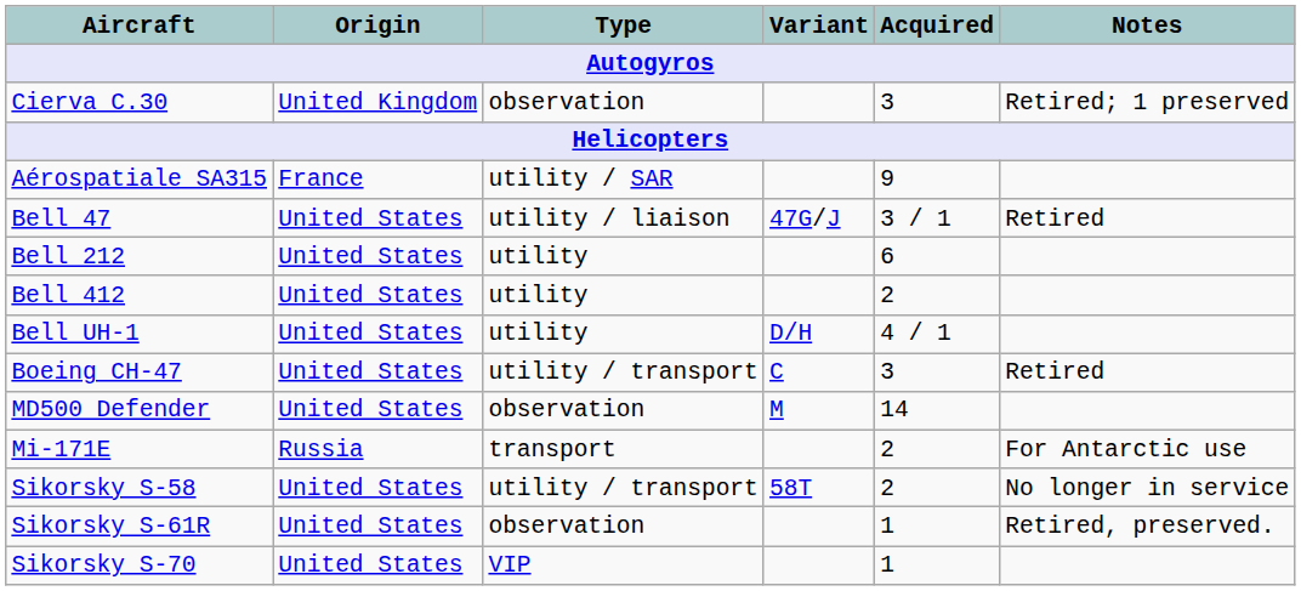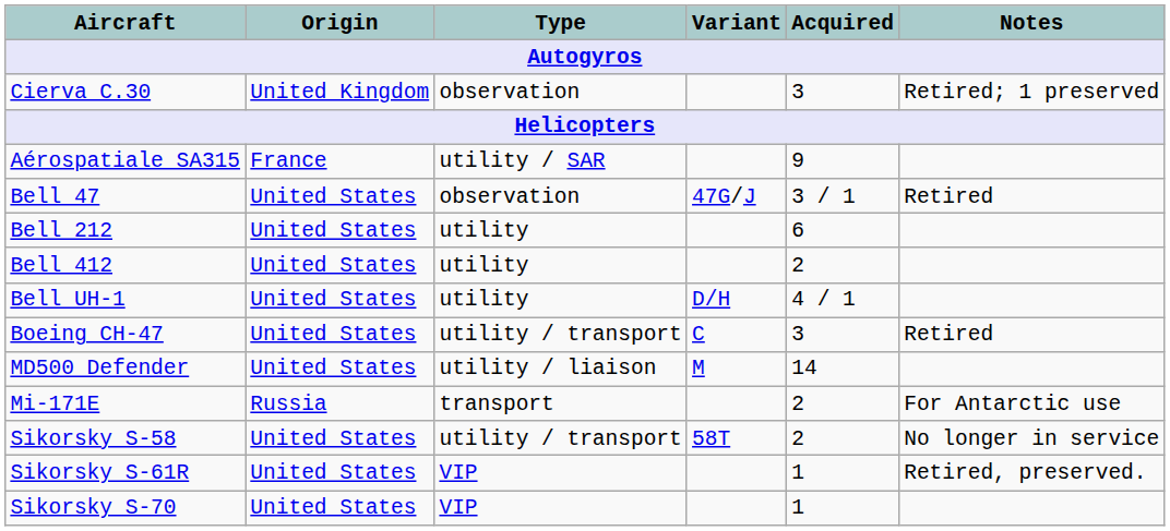 <table class="wikitable">
 <tr>
 <th style="text-align:center; background:#acc;">Aircraft</th>
 <th style="text-align: center; background:#acc;">Origin</th>
 <th style="text-align:l center; background:#acc;">Type</th>
 <th style="text-align:left; background:#acc;">Variant</th>
 <th style="text-align:center; background:#acc;">Acquired</th>
 <th style="text-align: center; background:#acc;">Notes</th>
 </tr>
 <tr>
 <th style="align: center; background: lavender;" colspan="7"><a href='#'>Autogyros</a></th>
 </tr>
 <tr>
 <td><a href='#'>Cierva C.30</a></td>
 <td><a href='#'>United Kingdom</a></td>
 <td>observation</td>
 <td></td>
 <td>3</td>
 <td>Retired; 1 preserved</td>
 </tr>
 <tr>
 <th style="align: center; background: lavender;" colspan="7"><a href='#'>Helicopters</a></th>
 </tr>
 <tr>
 <td><a href='#'>Aérospatiale SA315</a></td>
 <td><a href='#'>France</a></td>
 <td>utility / <a href='#'>SAR</a></td>
 <td></td>
 <td>9</td>
 <td></td>
 </tr>
 <tr>
 <td><a href='#'>Bell 47</a></td>
 <td><a href='#'>United States</a></td>
-<td>utility / liaison</td>
+<td>observation</td>
 <td><a href='#'>47G</a>/<a href='#'>J</a></td>
 <td>3 / 1</td>
 <td>Retired</td>
 </tr>
 <tr>
 <td><a href='#'>Bell 212</a></td>
 <td><a href='#'>United States</a></td>
 <td>utility</td>
 <td></td>
 <td>6</td>
 <td></td>
 </tr>
 <tr>
 <td><a href='#'>Bell 412</a></td>
 <td><a href='#'>United States</a></td>
 <td>utility</td>
 <td></td>
 <td>2</td>
 <td></td>
 </tr>
 <tr>
 <td><a href='#'>Bell UH-1</a></td>
 <td><a href='#'>United States</a></td>
 <td>utility</td>
 <td><a href='#'>D/H</a></td>
 <td>4 / 1</td>
 <td></td>
 </tr>
 <tr>
 <td><a href='#'>Boeing CH-47</a></td>
 <td><a href='#'>United States</a></td>
 <td>utility / transport</td>
 <td><a href='#'>C</a></td>
 <td>3</td>
 <td>Retired</td>
 </tr>
 <tr>
 <td><a href='#'>MD500 Defender</a></td>
 <td><a href='#'>United States</a></td>
-<td>observation</td>
+<td>utility / liaison</td>
 <td><a href='#'>M</a></td>
 <td>14</td>
 <td></td>
 </tr>
 <tr>
 <td><a href='#'>Mi-171E</a></td>
 <td><a href='#'>Russia</a></td>
 <td>transport</td>
 <td></td>
 <td>2</td>
 <td>For Antarctic use</td>
 </tr>
 <tr>
 <td><a href='#'>Sikorsky S-58</a></td>
 <td><a href='#'>United States</a></td>
 <td>utility / transport</td>
 <td><a href='#'>58T</a></td>
 <td>2</td>
 <td>No longer in service</td>
 </tr>
 <tr>
 <td><a href='#'>Sikorsky S-61R</a></td>
 <td><a href='#'>United States</a></td>
-<td>observation</td>
+<td><a href='#'>VIP</a></td>
 <td></td>
 <td>1</td>
 <td>Retired, preserved.</td>
 </tr>
 <tr>
 <td><a href='#'>Sikorsky S-70</a></td>
 <td><a href='#'>United States</a></td>
 <td><a href='#'>VIP</a></td>
 <td></td>
 <td>1</td>
 <td></td>
 </tr>
 </table>
